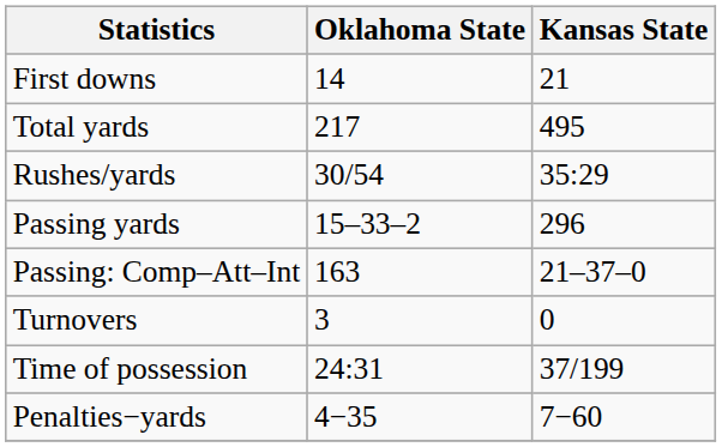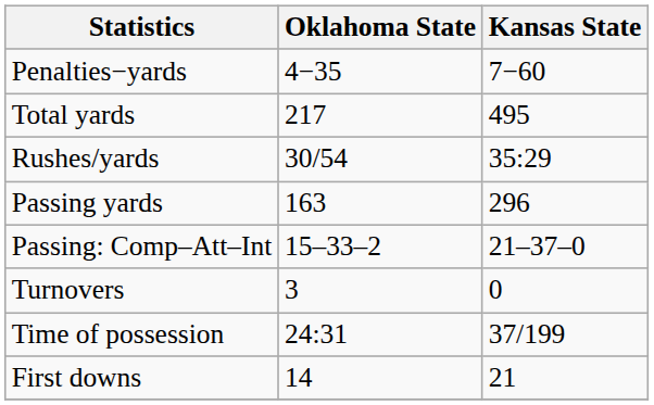 <table class="wikitable" style="float: left;">
 <tr>
 <th>Statistics</th>
 <th>Oklahoma State</th>
 <th>Kansas State</th>
 </tr>
 <tr>
-<td>First downs</td>
-<td>14</td>
-<td>21</td>
+<td>Penalties−yards</td>
+<td>4−35</td>
+<td>7−60</td>
 </tr>
 <tr>
 <td>Total yards</td>
 <td>217</td>
 <td>495</td>
 </tr>
 <tr>
 <td>Rushes/yards</td>
 <td>30/54</td>
 <td>35:29</td>
 </tr>
 <tr>
 <td>Passing yards</td>
-<td>15–33–2</td>
+<td>163</td>
 <td>296</td>
 </tr>
 <tr>
 <td>Passing: Comp–Att–Int</td>
-<td>163</td>
+<td>15–33–2</td>
 <td>21–37–0</td>
 </tr>
 <tr>
 <td>Turnovers</td>
 <td>3</td>
 <td>0</td>
 </tr>
 <tr>
 <td>Time of possession</td>
 <td>24:31</td>
 <td>37/199</td>
 </tr>
 <tr>
-<td>Penalties−yards</td>
-<td>4−35</td>
-<td>7−60</td>
+<td>First downs</td>
+<td>14</td>
+<td>21</td>
 </tr>
 <tr>
 </tr>
 </table>
